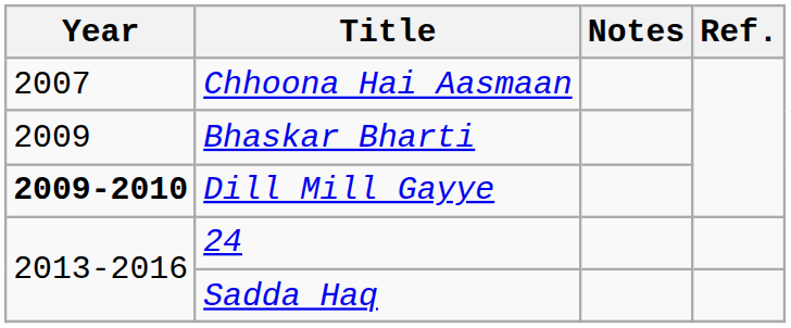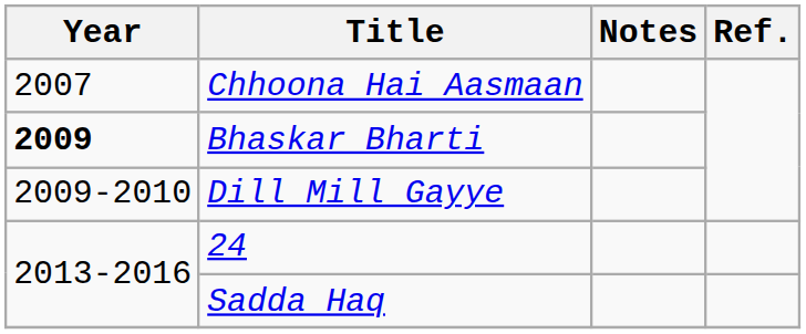 <table class="wikitable">
 <tr>
 <th>Year</th>
 <th>Title</th>
 <th>Notes</th>
 <th>Ref.</th>
 </tr>
 <tr>
 <td>2007</td>
 <td><em><a href='#'>Chhoona Hai Aasmaan</a></em></td>
 <td></td>
 <td rowspan="3"></td>
 </tr>
 <tr>
-<td>2009</td>
+<td><strong>2009</strong></td>
 <td><em><a href='#'>Bhaskar Bharti</a></em></td>
 <td></td>
 </tr>
 <tr>
-<td><strong>2009-2010</strong></td>
+<td>2009-2010</td>
 <td><em><a href='#'>Dill Mill Gayye</a></em></td>
 <td></td>
 </tr>
 <tr>
 <td rowspan="2">2013-2016</td>
 <td><em><a href='#'>24</a></em></td>
 <td></td>
 <td></td>
 </tr>
 <tr>
 <td><em><a href='#'>Sadda Haq</a></em></td>
 <td></td>
 <td></td>
 </tr>
 <tr>
 </tr>
 </table>
